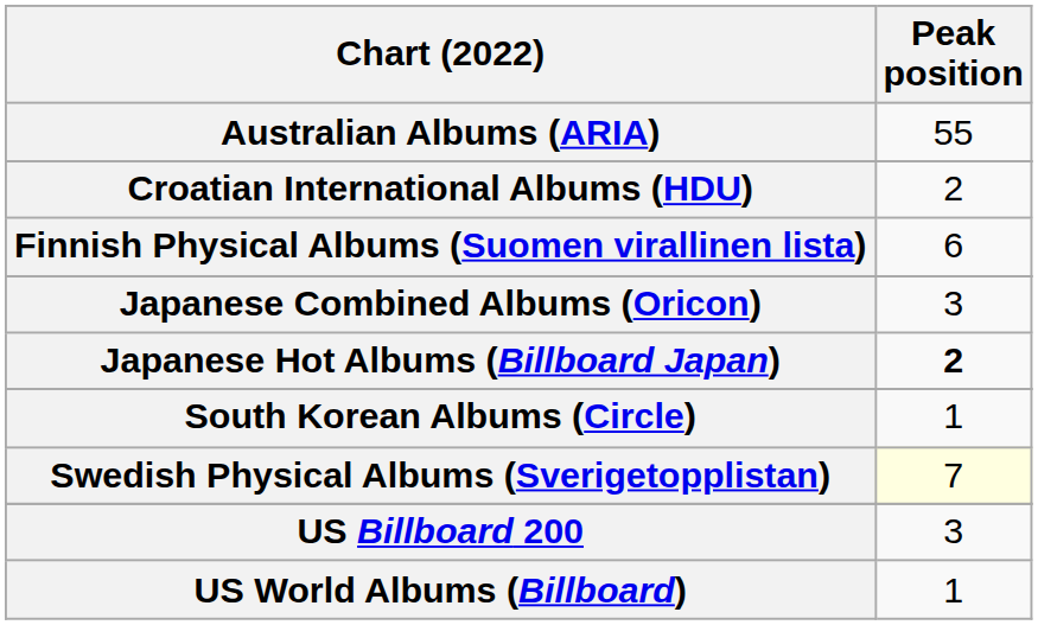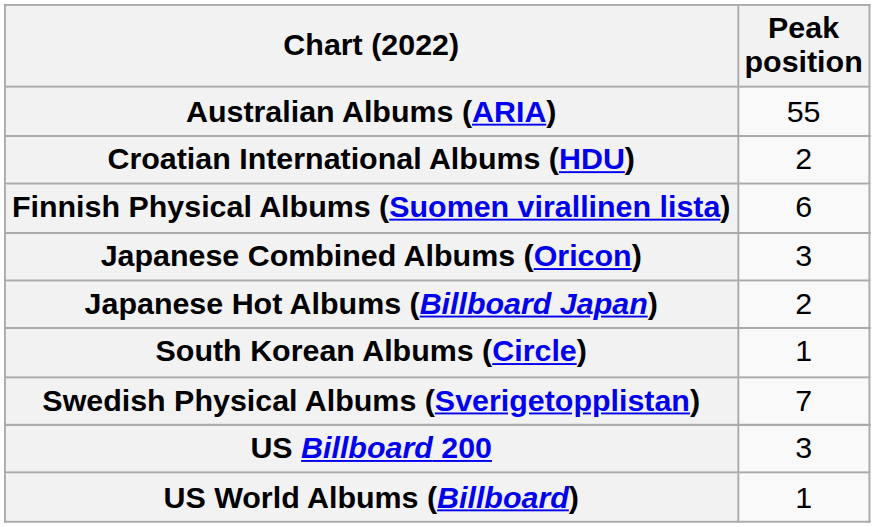 <table class="wikitable sortable plainrowheaders" style="text-align:center">
 <tr>
 <th scope="col">Chart (2022)</th>
 <th scope="col">Peak<br>position</th>
 </tr>
 <tr>
 <th scope="row">Australian Albums (<a href='#'>ARIA</a>)</th>
 <td>55</td>
 </tr>
 <tr>
 </tr>
 <tr>
 <th scope="row">Croatian International Albums (<a href='#'>HDU</a>)</th>
 <td>2</td>
 </tr>
 <tr>
 <th scope="row">Finnish Physical Albums (<a href='#'>Suomen virallinen lista</a>)</th>
 <td>6</td>
 </tr>
 <tr>
 </tr>
 <tr>
 </tr>
 <tr>
 </tr>
 <tr>
 <th scope="row">Japanese Combined Albums (<a href='#'>Oricon</a>)</th>
 <td>3</td>
 </tr>
 <tr>
 <th scope="row">Japanese Hot Albums (<em><a href='#'>Billboard Japan</a></em>)</th>
-<td><strong>2</strong></td>
+<td>2</td>
 </tr>
 <tr>
 </tr>
 <tr>
 <th scope="row">South Korean Albums (<a href='#'>Circle</a>)</th>
 <td>1</td>
 </tr>
 <tr>
 <th scope="row">Swedish Physical Albums (<a href='#'>Sverigetopplistan</a>)</th>
-<td style="background: lightyellow;">7</td>
+<td>7</td>
 </tr>
 <tr>
 </tr>
 <tr>
 <th scope="row">US <a href='#'><em>Billboard</em> 200</a></th>
 <td>3</td>
 </tr>
 <tr>
 <th scope="row">US World Albums (<em><a href='#'>Billboard</a></em>)</th>
 <td>1</td>
 </tr>
 </table>
